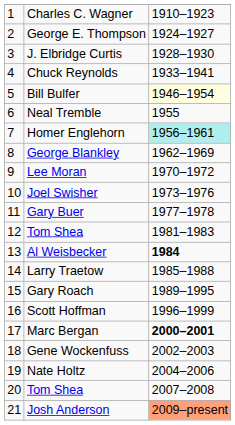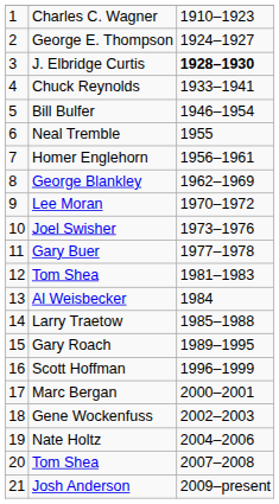 <table class="wikitable">
 <tr>
 </tr>
 <tr>
 <td>1</td>
 <td>Charles C. Wagner</td>
 <td>1910–1923</td>
 </tr>
 <tr>
 <td>2</td>
 <td>George E. Thompson</td>
 <td>1924–1927</td>
 </tr>
 <tr>
 <td>3</td>
 <td>J. Elbridge Curtis</td>
-<td>1928–1930</td>
+<td><strong>1928–1930</strong></td>
 </tr>
 <tr>
 <td>4</td>
 <td>Chuck Reynolds</td>
 <td>1933–1941</td>
 </tr>
 <tr>
 <td>5</td>
 <td>Bill Bulfer</td>
-<td style="background: lightyellow;">1946–1954</td>
+<td>1946–1954</td>
 </tr>
 <tr>
 <td>6</td>
 <td>Neal Tremble</td>
 <td>1955</td>
 </tr>
 <tr>
 <td>7</td>
 <td>Homer Englehorn</td>
-<td style="background: paleturquoise;">1956–1961</td>
+<td>1956–1961</td>
 </tr>
 <tr>
 <td>8</td>
 <td><a href='#'>George Blankley</a></td>
 <td>1962–1969</td>
 </tr>
 <tr>
 <td>9</td>
 <td><a href='#'>Lee Moran</a></td>
 <td>1970–1972</td>
 </tr>
 <tr>
 <td>10</td>
 <td><a href='#'>Joel Swisher</a></td>
 <td>1973–1976</td>
 </tr>
 <tr>
 <td>11</td>
 <td><a href='#'>Gary Buer</a></td>
 <td>1977–1978</td>
 </tr>
 <tr>
 <td>12</td>
 <td><a href='#'>Tom Shea</a></td>
 <td>1981–1983</td>
 </tr>
 <tr>
 <td>13</td>
 <td><a href='#'>Al Weisbecker</a></td>
-<td><strong>1984</strong></td>
+<td>1984</td>
 </tr>
 <tr>
 <td>14</td>
 <td>Larry Traetow</td>
 <td>1985–1988</td>
 </tr>
 <tr>
 <td>15</td>
 <td>Gary Roach</td>
 <td>1989–1995</td>
 </tr>
 <tr>
 <td>16</td>
 <td>Scott Hoffman</td>
 <td>1996–1999</td>
 </tr>
 <tr>
 <td>17</td>
 <td>Marc Bergan</td>
-<td><strong>2000–2001</strong></td>
+<td>2000–2001</td>
 </tr>
 <tr>
 <td>18</td>
 <td>Gene Wockenfuss</td>
 <td>2002–2003</td>
 </tr>
 <tr>
 <td>19</td>
 <td>Nate Holtz</td>
 <td>2004–2006</td>
 </tr>
 <tr>
 <td>20</td>
 <td><a href='#'>Tom Shea</a></td>
 <td>2007–2008</td>
 </tr>
 <tr>
 <td>21</td>
 <td><a href='#'>Josh Anderson</a></td>
-<td style="background: lightsalmon;">2009–present</td>
+<td>2009–present</td>
 </tr>
 </table>
